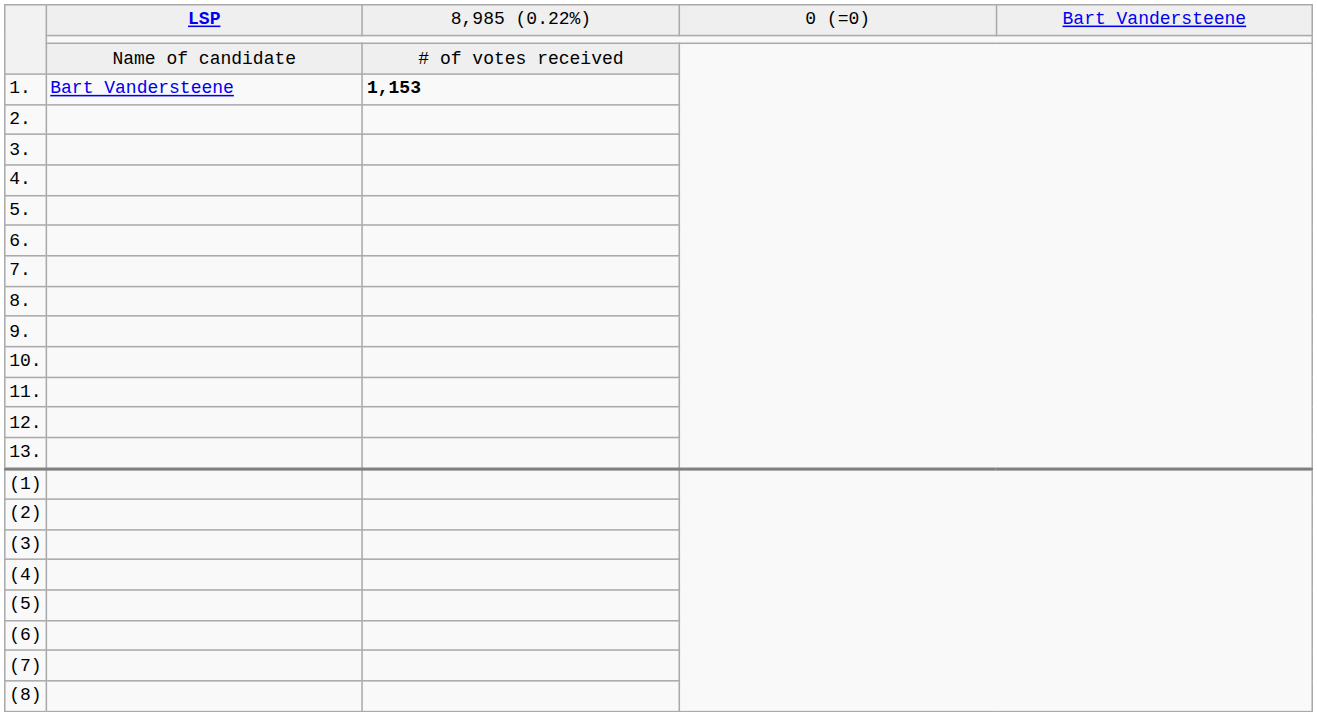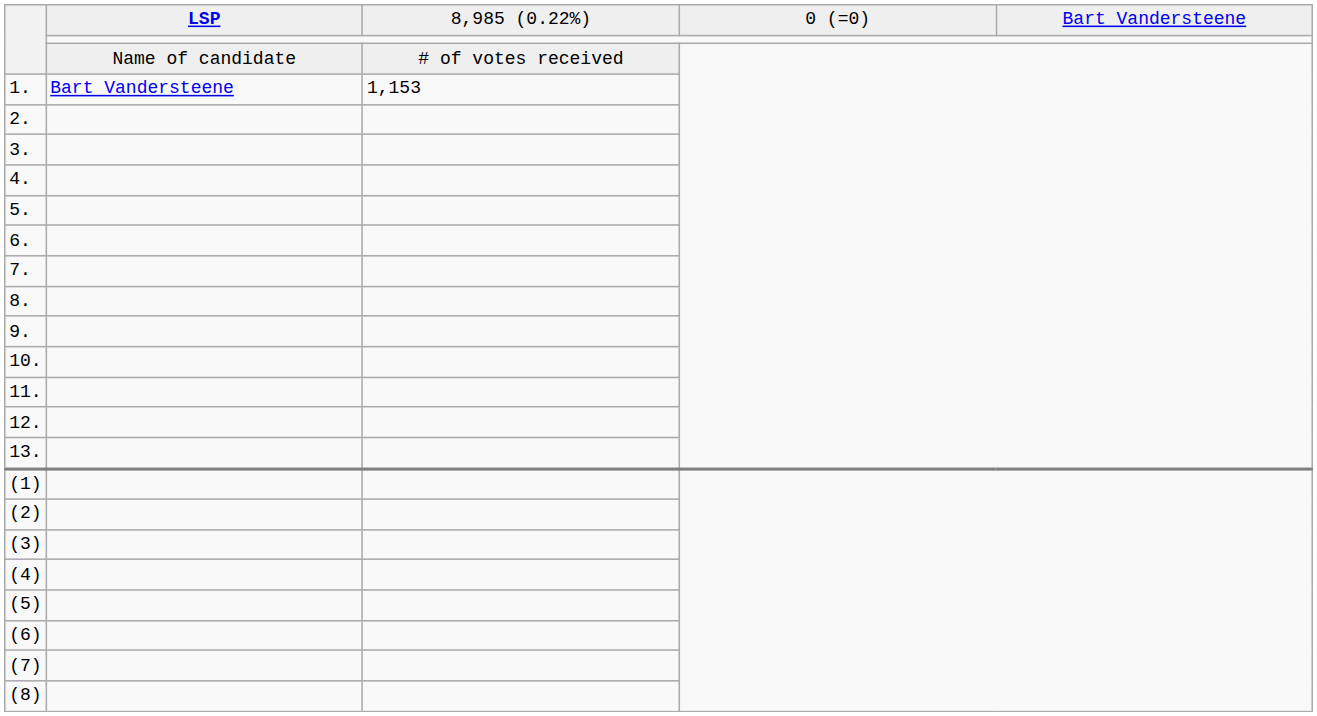 <table class="wikitable collapsible collapsed" style=text-align:left;font-size:90%>
 <tr>
 <th rowspan=3></th>
 <td bgcolor=efefef width=200 align=center><strong> <a href='#'>LSP</a></strong></td>
 <td bgcolor=efefef width=200 align=center>8,985 (0.22%)</td>
 <td bgcolor=efefef width=200 align=center>0 (=0)</td>
 <td bgcolor=efefef width=200 align=center><a href='#'>Bart Vandersteene</a></td>
 </tr>
 <tr>
 <td colspan=4 bgcolor=></td>
 </tr>
 <tr>
 <td bgcolor=efefef align=center>Name of candidate</td>
 <td bgcolor=efefef align=center># of votes received</td>
 </tr>
 <tr>
 <td>1.</td>
 <td><a href='#'>Bart Vandersteene</a></td>
-<td><strong>1,153</strong></td>
+<td>1,153</td>
 </tr>
 <tr>
 <td>2.</td>
 <td></td>
 <td></td>
 </tr>
 <tr>
 <td>3.</td>
 <td></td>
 <td></td>
 </tr>
 <tr>
 <td>4.</td>
 <td></td>
 <td></td>
 </tr>
 <tr>
 <td>5.</td>
 <td></td>
 <td></td>
 </tr>
 <tr>
 <td>6.</td>
 <td></td>
 <td></td>
 </tr>
 <tr>
 <td>7.</td>
 <td></td>
 <td></td>
 </tr>
 <tr>
 <td>8.</td>
 <td></td>
 <td></td>
 </tr>
 <tr>
 <td>9.</td>
 <td></td>
 <td></td>
 </tr>
 <tr>
 <td>10.</td>
 <td></td>
 <td></td>
 </tr>
 <tr>
 <td>11.</td>
 <td></td>
 <td></td>
 </tr>
 <tr>
 <td>12.</td>
 <td></td>
 <td></td>
 </tr>
 <tr>
 <td>13.</td>
 <td></td>
 <td></td>
 </tr>
 <tr style="border-top:2px solid gray;">
 <td>(1)</td>
 <td></td>
 <td></td>
 </tr>
 <tr>
 <td>(2)</td>
 <td></td>
 <td></td>
 </tr>
 <tr>
 <td>(3)</td>
 <td></td>
 <td></td>
 </tr>
 <tr>
 <td>(4)</td>
 <td></td>
 <td></td>
 </tr>
 <tr>
 <td>(5)</td>
 <td></td>
 <td></td>
 </tr>
 <tr>
 <td>(6)</td>
 <td></td>
 <td></td>
 </tr>
 <tr>
 <td>(7)</td>
 <td></td>
 <td></td>
 </tr>
 <tr>
 <td>(8)</td>
 <td></td>
 <td></td>
 </tr>
 </table>
